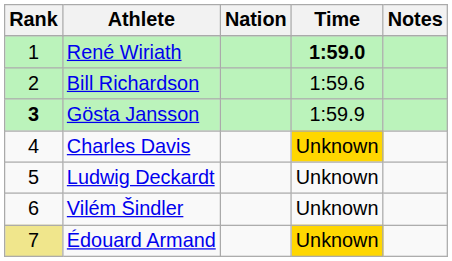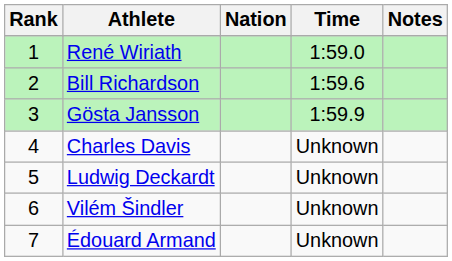 <table class="wikitable sortable" style="text-align:center">
 <tr>
 <th>Rank</th>
 <th>Athlete</th>
 <th>Nation</th>
 <th>Time</th>
 <th>Notes</th>
 </tr>
 <tr>
 </tr>
 <tr bgcolor=bbf3bb>
 <td>1</td>
 <td align=left><a href='#'>René Wiriath</a></td>
 <td align=left></td>
-<td><strong>1:59.0</strong></td>
+<td>1:59.0</td>
 <td></td>
 </tr>
 <tr bgcolor=bbf3bb>
 <td>2</td>
 <td align=left><a href='#'>Bill Richardson</a></td>
 <td align=left></td>
 <td>1:59.6</td>
 <td></td>
 </tr>
 <tr bgcolor=bbf3bb>
-<td><strong>3</strong></td>
+<td>3</td>
 <td align=left><a href='#'>Gösta Jansson</a></td>
 <td align=left></td>
 <td>1:59.9</td>
 <td></td>
 </tr>
 <tr>
 <td>4</td>
 <td align=left><a href='#'>Charles Davis</a></td>
 <td align=left></td>
-<td data-sort-value=2:00.0 style="background: gold;">Unknown</td>
+<td data-sort-value=2:00.0>Unknown</td>
 <td></td>
 </tr>
 <tr>
 <td>5</td>
 <td align=left><a href='#'>Ludwig Deckardt</a></td>
 <td align=left></td>
 <td data-sort-value=3:00.0>Unknown</td>
 <td></td>
 </tr>
 <tr>
 <td>6</td>
 <td align=left><a href='#'>Vilém Šindler</a></td>
 <td align=left></td>
 <td data-sort-value=4:00.0>Unknown</td>
 <td></td>
 </tr>
 <tr>
-<td style="background: khaki;">7</td>
+<td>7</td>
 <td align=left><a href='#'>Édouard Armand</a></td>
 <td align=left></td>
-<td data-sort-value=5:00.0 style="background: gold;">Unknown</td>
+<td data-sort-value=5:00.0>Unknown</td>
 <td></td>
 </tr>
 </table>
